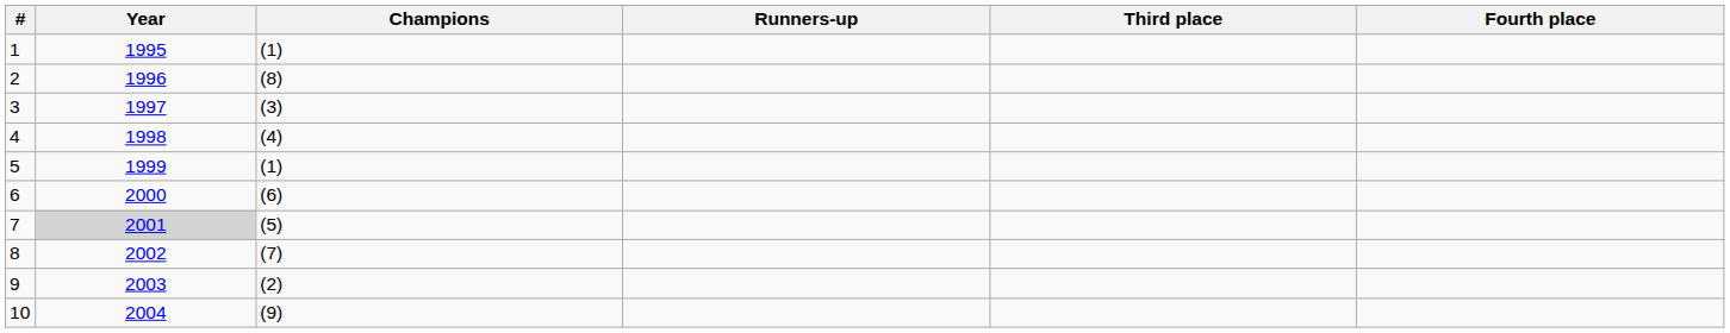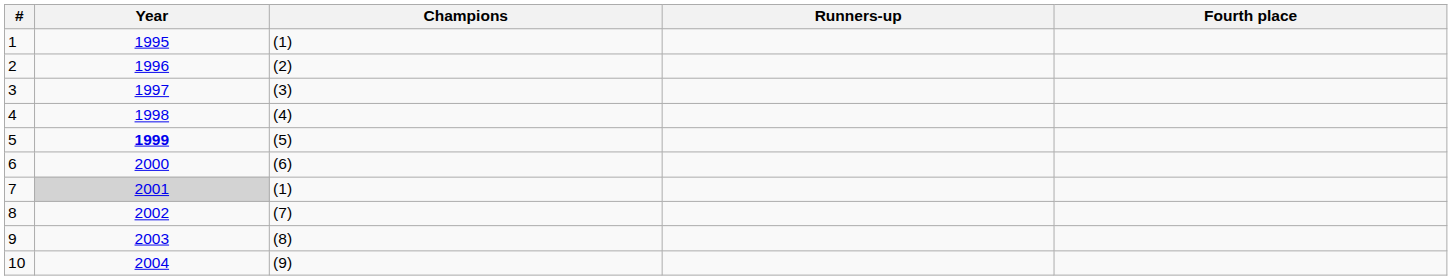 <table class="sortable wikitable" width=75%>
 <tr>
 <th style="width:1%;">#</th>
 <th style="width:12%;">Year</th>
 <th style="width:20%;">Champions</th>
 <th style="width:20%;">Runners-up</th>
-<th style="width:20%;">Third place</th>
 <th style="width:20%;">Fourth place</th>
 </tr>
 <tr>
 <td>1</td>
 <td align=center> <a href='#'>1995</a></td>
 <td align=left><strong></strong> (1)</td>
 <td align=left></td>
 <td align=left></td>
-<td align=left></td>
 </tr>
 <tr>
 <td>2</td>
 <td align=center> <a href='#'>1996</a></td>
-<td align=left><strong></strong> (8)</td>
-<td align=left></td>
+<td align=left><strong></strong> (2)</td>
 <td align=left></td>
 <td align=left></td>
 </tr>
 <tr>
 <td>3</td>
 <td align=center> <a href='#'>1997</a></td>
 <td align=left><strong></strong> (3)</td>
 <td align=left></td>
 <td align=left></td>
-<td align=left></td>
 </tr>
 <tr>
 <td>4</td>
 <td align=center> <a href='#'>1998</a></td>
 <td align=left><strong></strong> (4)</td>
 <td align=left></td>
 <td align=left></td>
-<td align=left></td>
 </tr>
 <tr>
 <td>5</td>
-<td align=center> <a href='#'>1999</a></td>
-<td align=left><strong></strong> (1)</td>
-<td align=left></td>
+<td align=center><strong> <a href='#'>1999</a></strong></td>
+<td align=left><strong></strong> (5)</td>
 <td align=left></td>
 <td align=left></td>
 </tr>
 <tr>
 <td>6</td>
 <td align=center> <a href='#'>2000</a></td>
 <td align=left><strong></strong> (6)</td>
 <td align=left></td>
 <td align=left></td>
-<td align=left></td>
 </tr>
 <tr>
 <td>7</td>
 <td align=center style="background: lightgrey;"> <a href='#'>2001</a></td>
-<td align=left><strong></strong> (5)</td>
-<td align=left></td>
+<td align=left><strong></strong> (1)</td>
 <td align=left></td>
 <td align=left></td>
 </tr>
 <tr>
 <td>8</td>
 <td align=center> <a href='#'>2002</a></td>
 <td align=left><strong></strong> (7)</td>
 <td align=left></td>
 <td align=left></td>
-<td align=left></td>
 </tr>
 <tr>
 <td>9</td>
 <td align=center> <a href='#'>2003</a></td>
-<td align=left><strong></strong> (2)</td>
-<td align=left></td>
+<td align=left><strong></strong> (8)</td>
 <td align=left></td>
 <td align=left></td>
 </tr>
 <tr>
 <td>10</td>
 <td align=center> <a href='#'>2004</a></td>
 <td align=left><strong></strong> (9)</td>
 <td align=left></td>
 <td align=left></td>
-<td align=left></td>
 </tr>
 </table>
